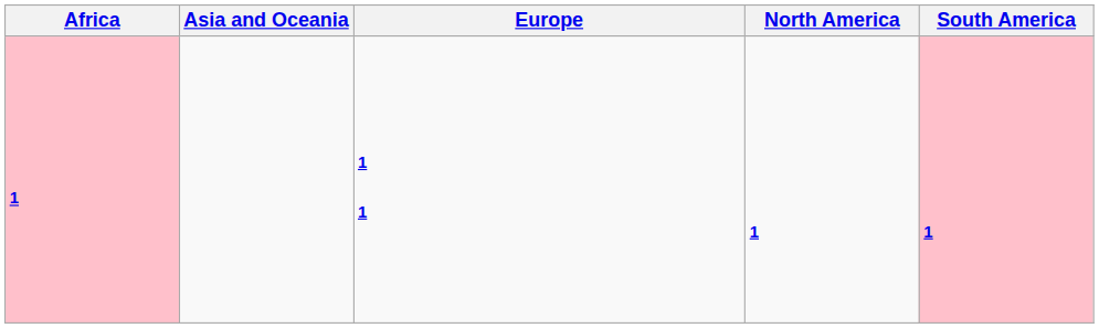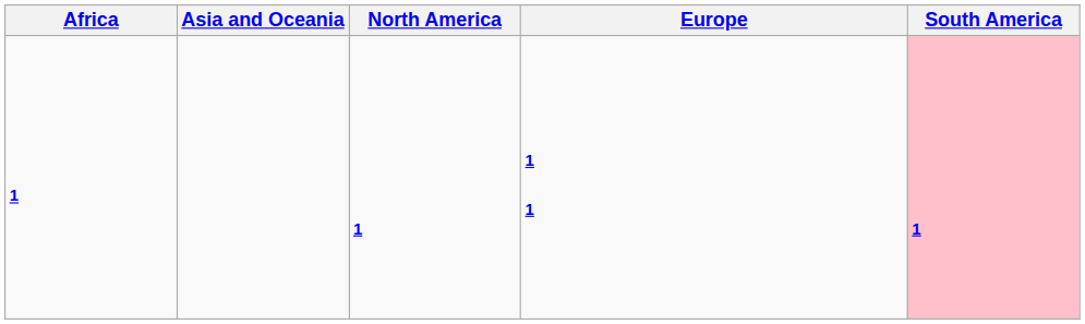 <table class="wikitable">
 <tr>
 <th width=16%><a href='#'>Africa</a></th>
 <th width=16%><a href='#'>Asia and Oceania</a></th>
+<th width=16%><a href='#'>North America</a></th>
 <th width=36%><a href='#'>Europe</a></th>
-<th width=16%><a href='#'>North America</a></th>
 <th width=16%><a href='#'>South America</a></th>
 </tr>
 <tr>
-<td style="background: pink;"><br><br> <sup><strong><a href='#'>1</a></strong></sup></td>
+<td><br><br> <sup><strong><a href='#'>1</a></strong></sup></td>
 <td><br><br> <br> <br> <br> <br> </td>
+<td><br><br> <br> <br> <br> <sup><strong><a href='#'>1</a></strong></sup><br> </td>
 <td><br>  <br> <br> <br> <br> <sup><strong><a href='#'>1</a></strong></sup><br> <br> <sup><strong><a href='#'>1</a></strong></sup>  <br> <br> <br> <br> <br>  </td>
-<td><br><br> <br> <br> <br> <sup><strong><a href='#'>1</a></strong></sup><br> </td>
 <td style="background: pink;"><br><br> <br> <br> <br> <sup><strong><a href='#'>1</a></strong></sup></td>
 </tr>
 </table>
